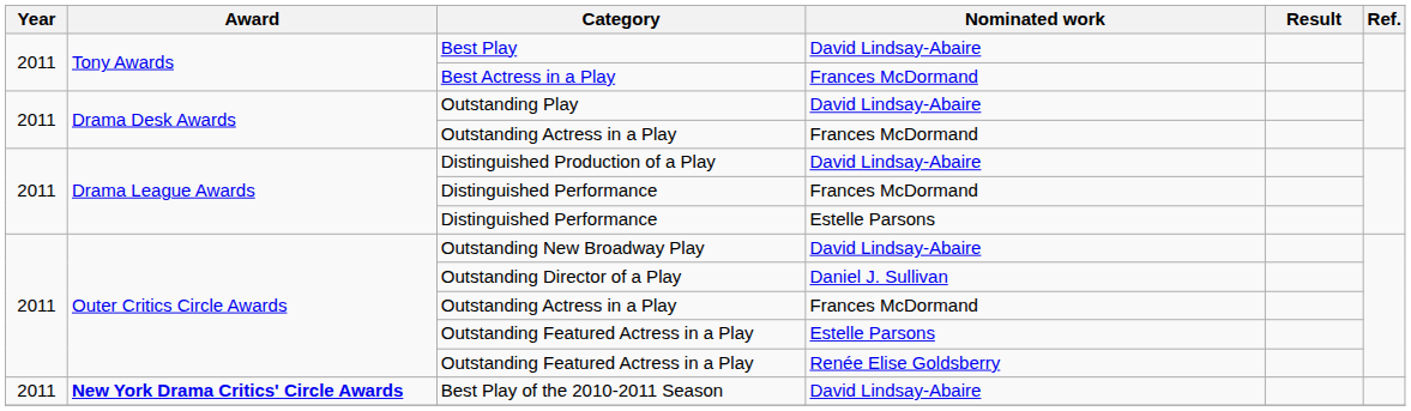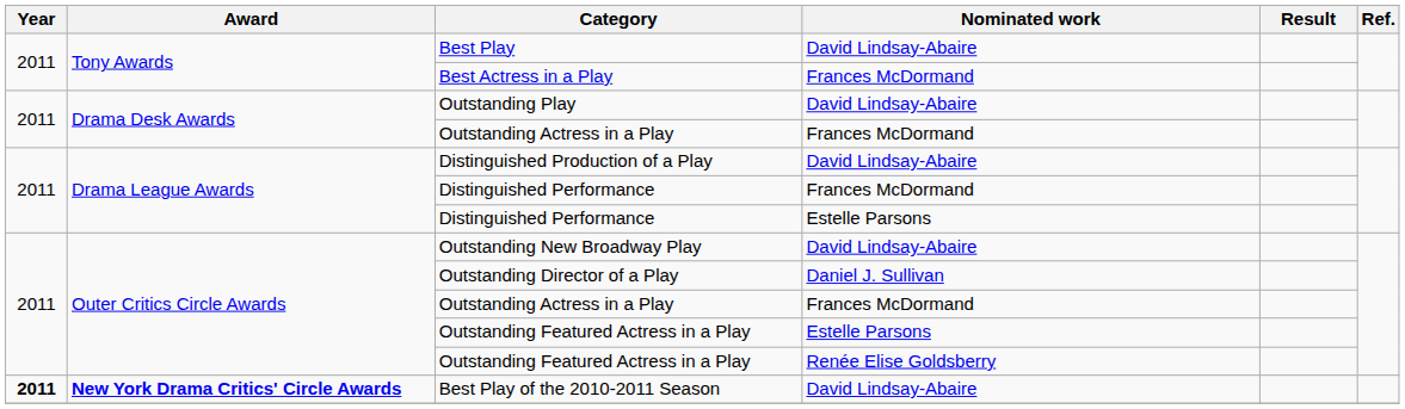 <table class=wikitable>
 <tr>
 <th scope="col" style="width:3em;">Year</th>
 <th scope="col" style="width:20em;">Award</th>
 <th scope="col" style="width:20em;">Category</th>
 <th scope="col" style="width:25em;">Nominated work</th>
 <th scope="col" style="width:5em;">Result</th>
 <th>Ref.</th>
 </tr>
 <tr>
 <td style="text-align:center;", rowspan=2>2011</td>
 <td rowspan=2><a href='#'>Tony Awards</a></td>
 <td><a href='#'>Best Play</a></td>
 <td><a href='#'>David Lindsay-Abaire</a></td>
 <td></td>
 <td rowspan=2></td>
 </tr>
 <tr>
 <td><a href='#'>Best Actress in a Play</a></td>
 <td><a href='#'>Frances McDormand</a></td>
 <td></td>
 </tr>
 <tr>
 <td style="text-align:center;", rowspan=2>2011</td>
 <td rowspan=2><a href='#'>Drama Desk Awards</a></td>
 <td>Outstanding Play</td>
 <td><a href='#'>David Lindsay-Abaire</a></td>
 <td></td>
 <td rowspan=2></td>
 </tr>
 <tr>
 <td>Outstanding Actress in a Play</td>
 <td>Frances McDormand</td>
 <td></td>
 </tr>
 <tr>
 <td style="text-align:center;", rowspan=3>2011</td>
 <td rowspan=3><a href='#'>Drama League Awards</a></td>
 <td colsapn=2>Distinguished Production of a Play</td>
 <td><a href='#'>David Lindsay-Abaire</a></td>
 <td></td>
 <td rowspan=3></td>
 </tr>
 <tr>
 <td>Distinguished Performance</td>
 <td>Frances McDormand</td>
 <td></td>
 </tr>
 <tr>
 <td>Distinguished Performance</td>
 <td>Estelle Parsons</td>
 <td></td>
 </tr>
 <tr>
 <td style="text-align:center;", rowspan=5>2011</td>
 <td rowspan=5><a href='#'>Outer Critics Circle Awards</a></td>
 <td>Outstanding New Broadway Play</td>
 <td><a href='#'>David Lindsay-Abaire</a></td>
 <td></td>
 <td rowspan=5></td>
 </tr>
 <tr>
 <td>Outstanding Director of a Play</td>
 <td><a href='#'>Daniel J. Sullivan</a></td>
 <td></td>
 </tr>
 <tr>
 <td>Outstanding Actress in a Play</td>
 <td>Frances McDormand</td>
 <td></td>
 </tr>
 <tr>
 <td>Outstanding Featured Actress in a Play</td>
 <td><a href='#'>Estelle Parsons</a></td>
 <td></td>
 </tr>
 <tr>
 <td>Outstanding Featured Actress in a Play</td>
 <td><a href='#'>Renée Elise Goldsberry</a></td>
 <td></td>
 </tr>
 <tr>
-<td style="text-align:center;">2011</td>
+<td style="text-align:center;"><strong>2011</strong></td>
 <td><strong><a href='#'>New York Drama Critics' Circle Awards</a></strong></td>
 <td>Best Play of the 2010-2011 Season</td>
 <td><a href='#'>David Lindsay-Abaire</a></td>
 <td></td>
 <td></td>
 </tr>
 <tr>
 </tr>
 </table>
